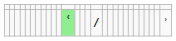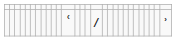 <table class="wikitable" style="line-height:180%;font-size:larger">
 <tr>
 <td></td>
 <td></td>
 <td></td>
 <td></td>
 <td></td>
 <td></td>
 <td></td>
 <td></td>
 <td></td>
 <td></td>
 <td></td>
 <td></td>
 <td></td>
 <td></td>
 <td></td>
 <td></td>
 <td></td>
 <td></td>
 <td></td>
 <td></td>
 <td></td>
 <td></td>
 <td></td>
 <td></td>
 <td></td>
 <td></td>
 <td></td>
 <td></td>
 </tr>
 <tr>
 <td></td>
 <td></td>
 <td></td>
 <td></td>
 <td></td>
 <td></td>
 <td></td>
 <td></td>
 <td></td>
 <td></td>
 <td></td>
-<td style="background: lightgreen;"><big>ʿ</big></td>
+<td><big>ʿ</big></td>
 <td></td>
 <td></td>
 <td></td>
 <td>/</td>
 <td></td>
 <td></td>
 <td></td>
 <td></td>
 <td></td>
 <td></td>
 <td></td>
 <td></td>
 <td></td>
 <td></td>
 <td></td>
-<td>ʾ</td>
+<td><strong>ʾ</strong></td>
 </tr>
 </table>
